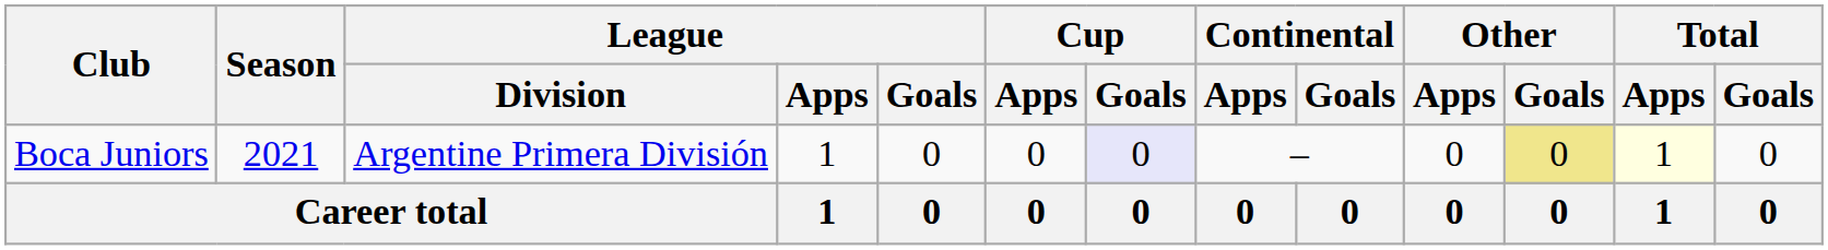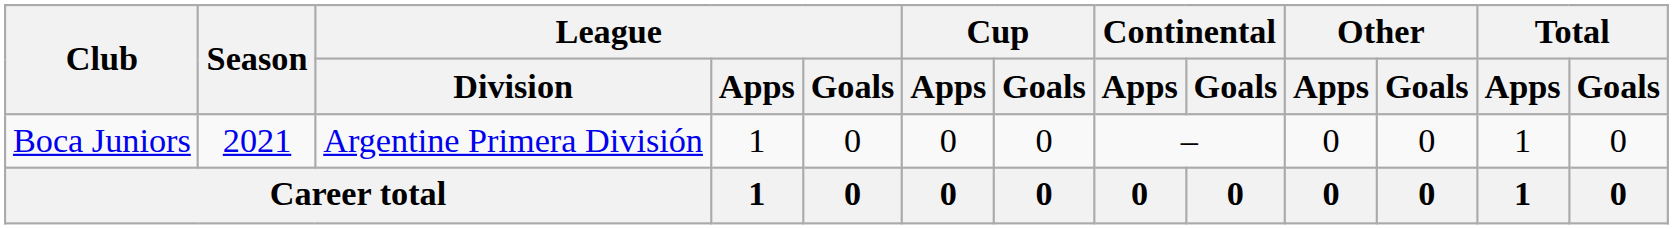 <table class="wikitable" style="text-align: center">
 <tr>
 <th rowspan="2">Club</th>
 <th rowspan="2">Season</th>
 <th colspan="3">League</th>
 <th colspan="2">Cup</th>
 <th colspan="2">Continental</th>
 <th colspan="2">Other</th>
 <th colspan="2">Total</th>
 </tr>
 <tr>
 <th>Division</th>
 <th>Apps</th>
 <th>Goals</th>
 <th>Apps</th>
 <th>Goals</th>
 <th>Apps</th>
 <th>Goals</th>
 <th>Apps</th>
 <th>Goals</th>
 <th>Apps</th>
 <th>Goals</th>
 </tr>
 <tr>
 <td><a href='#'>Boca Juniors</a></td>
 <td><a href='#'>2021</a></td>
 <td><a href='#'>Argentine Primera División</a></td>
 <td>1</td>
 <td>0</td>
 <td>0</td>
-<td style="background: lavender;">0</td>
+<td>0</td>
 <td colspan="2">–</td>
 <td>0</td>
-<td style="background: khaki;">0</td>
-<td style="background: lightyellow;">1</td>
+<td>0</td>
+<td>1</td>
 <td>0</td>
 </tr>
 <tr>
 <th colspan=3>Career total</th>
 <th>1</th>
 <th>0</th>
 <th>0</th>
 <th>0</th>
 <th>0</th>
 <th>0</th>
 <th>0</th>
 <th>0</th>
 <th>1</th>
 <th>0</th>
 </tr>
 </table>
